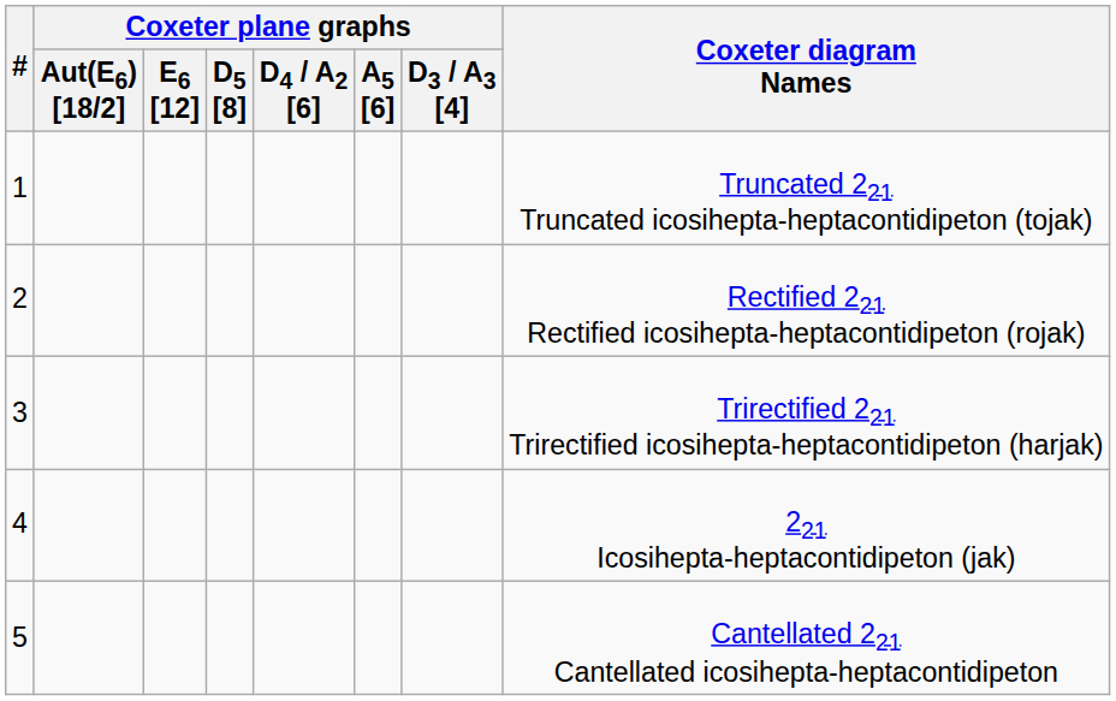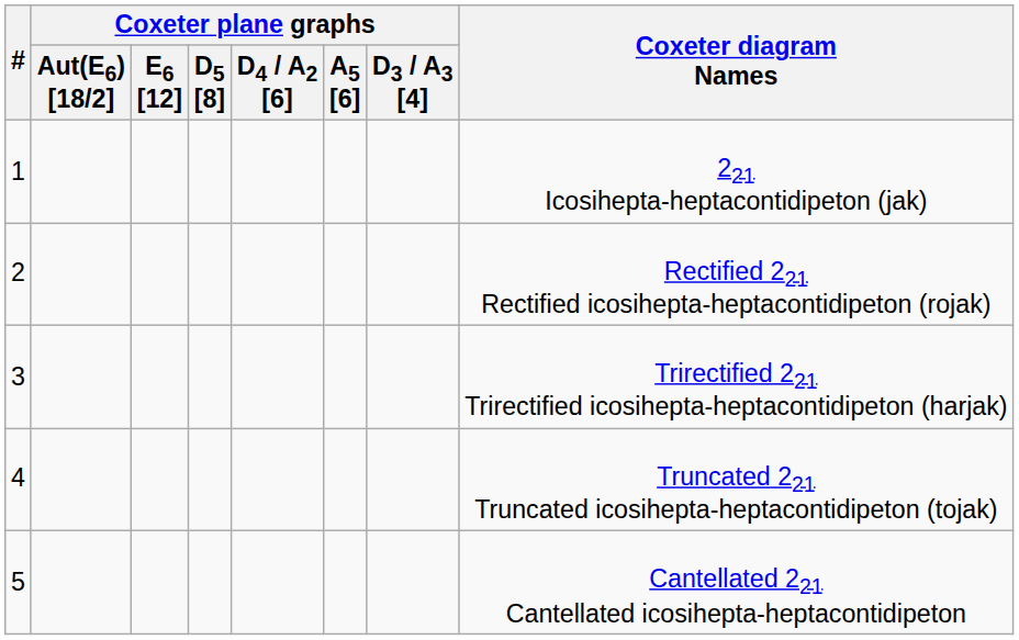 <table class="wikitable">
 <tr>
 <th rowspan=2>#</th>
 <th colspan=6><a href='#'>Coxeter plane</a> graphs</th>
 <th rowspan=2><a href='#'>Coxeter diagram</a><br>Names</th>
 </tr>
 <tr>
 <th>Aut(E<sub>6</sub>)<br>[18/2]</th>
 <th>E<sub>6</sub><br>[12]</th>
 <th>D<sub>5</sub><br>[8]</th>
 <th>D<sub>4</sub> / A<sub>2</sub><br>[6]</th>
 <th>A<sub>5</sub><br>[6]</th>
 <th>D<sub>3</sub> / A<sub>3</sub><br>[4]</th>
 </tr>
 <tr align=center>
 <td>1</td>
 <td></td>
 <td></td>
 <td></td>
 <td></td>
 <td></td>
 <td></td>
-<td><br><a href='#'>Truncated 2<sub>21</sub></a><br>Truncated icosihepta-heptacontidipeton (tojak)</td>
+<td><br><a href='#'>2<sub>21</sub></a><br>Icosihepta-heptacontidipeton (jak)</td>
 </tr>
 <tr align=center>
 <td>2</td>
 <td></td>
 <td></td>
 <td></td>
 <td></td>
 <td></td>
 <td></td>
 <td><br><a href='#'>Rectified 2<sub>21</sub></a><br>Rectified icosihepta-heptacontidipeton (rojak)</td>
 </tr>
 <tr style="text-align:center;">
 <td>3</td>
 <td></td>
 <td></td>
 <td></td>
 <td></td>
 <td></td>
 <td></td>
 <td><br><a href='#'>Trirectified 2<sub>21</sub></a><br>Trirectified icosihepta-heptacontidipeton (harjak)</td>
 </tr>
 <tr align=center>
 <td>4</td>
 <td></td>
 <td></td>
 <td></td>
 <td></td>
 <td></td>
 <td></td>
-<td><br><a href='#'>2<sub>21</sub></a><br>Icosihepta-heptacontidipeton (jak)</td>
+<td><br><a href='#'>Truncated 2<sub>21</sub></a><br>Truncated icosihepta-heptacontidipeton (tojak)</td>
 </tr>
 <tr align=center>
 <td>5</td>
 <td></td>
 <td></td>
 <td></td>
 <td></td>
 <td></td>
 <td></td>
 <td><br><a href='#'>Cantellated 2<sub>21</sub></a><br>Cantellated icosihepta-heptacontidipeton</td>
 </tr>
 </table>
